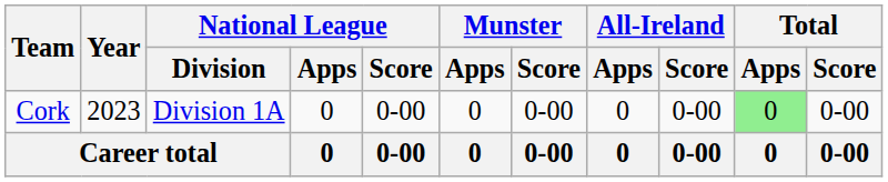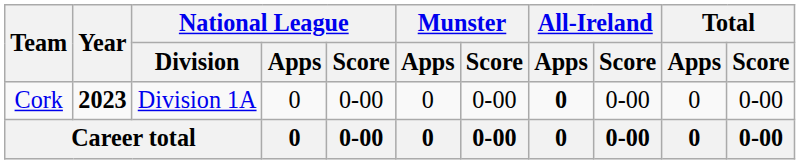 <table class="wikitable" style="text-align:center">
 <tr>
 <th rowspan="2">Team</th>
 <th rowspan="2">Year</th>
 <th colspan="3"><a href='#'>National League</a></th>
 <th colspan="2"><a href='#'>Munster</a></th>
 <th colspan="2"><a href='#'>All-Ireland</a></th>
 <th colspan="2">Total</th>
 </tr>
 <tr>
 <th>Division</th>
 <th>Apps</th>
 <th>Score</th>
 <th>Apps</th>
 <th>Score</th>
 <th>Apps</th>
 <th>Score</th>
 <th>Apps</th>
 <th>Score</th>
 </tr>
 <tr>
 <td rowspan="1"><a href='#'>Cork</a></td>
-<td>2023</td>
+<td><strong>2023</strong></td>
 <td rowspan="1"><a href='#'>Division 1A</a></td>
 <td>0</td>
 <td>0-00</td>
 <td>0</td>
 <td>0-00</td>
+<td><strong>0</strong></td>
+<td>0-00</td>
 <td>0</td>
-<td>0-00</td>
-<td style="background: lightgreen;">0</td>
 <td>0-00</td>
 </tr>
 <tr>
 <th colspan="3">Career total</th>
 <th>0</th>
 <th>0-00</th>
 <th>0</th>
 <th>0-00</th>
 <th>0</th>
 <th>0-00</th>
 <th>0</th>
 <th>0-00</th>
 </tr>
 </table>
